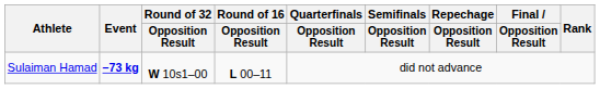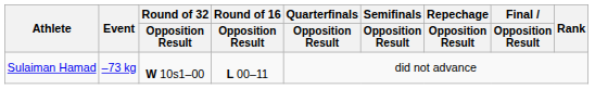 <table class=wikitable style=font-size:90%;text-align:center>
 <tr>
 <th rowspan="2">Athlete</th>
 <th rowspan="2">Event</th>
 <th>Round of 32</th>
 <th>Round of 16</th>
 <th>Quarterfinals</th>
 <th>Semifinals</th>
 <th>Repechage</th>
 <th>Final / </th>
 <th rowspan=2>Rank</th>
 </tr>
 <tr style="font-size:95%">
 <th>Opposition<br>Result</th>
 <th>Opposition<br>Result</th>
 <th>Opposition<br>Result</th>
 <th>Opposition<br>Result</th>
 <th>Opposition<br>Result</th>
 <th>Opposition<br>Result</th>
 </tr>
 <tr>
 <td align=left><a href='#'>Sulaiman Hamad</a></td>
-<td align=left><strong><a href='#'>–73 kg</a></strong></td>
+<td align=left><a href='#'>–73 kg</a></td>
 <td><br><strong>W</strong> 10s1–00</td>
 <td><br><strong>L</strong> 00–11</td>
 <td colspan=5>did not advance</td>
 </tr>
 </table>
